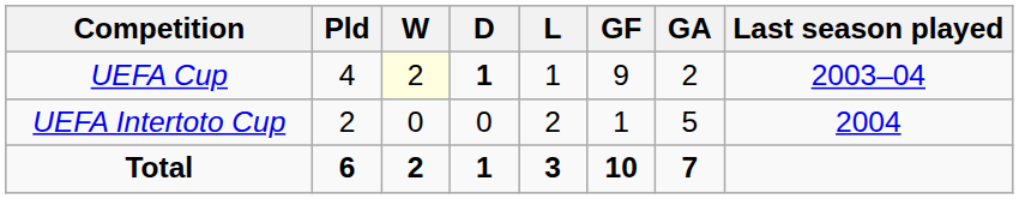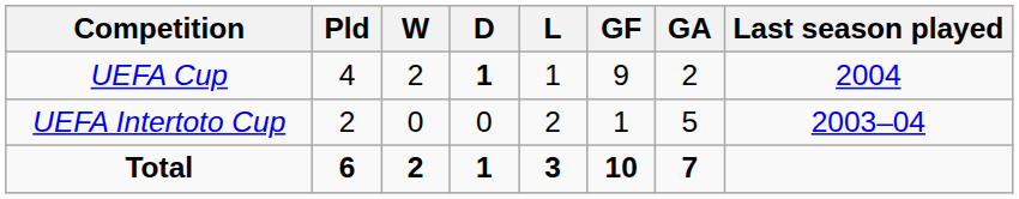 <table class="wikitable" style="text-align: center;">
 <tr>
 <th width="160">Competition</th>
 <th width="30">Pld</th>
 <th width="30">W</th>
 <th width="30">D</th>
 <th width="30">L</th>
 <th width="30">GF</th>
 <th width="30">GA</th>
 <th width="150">Last season played</th>
 </tr>
 <tr>
 <td><a href='#'><em>UEFA Cup</em></a></td>
 <td>4</td>
-<td style="background: lightyellow;">2</td>
+<td>2</td>
 <td><strong>1</strong></td>
 <td>1</td>
 <td>9</td>
 <td>2</td>
-<td><a href='#'>2003–04</a></td>
+<td><a href='#'>2004</a></td>
 </tr>
 <tr>
 <td><em><a href='#'>UEFA Intertoto Cup</a></em></td>
 <td>2</td>
 <td>0</td>
 <td>0</td>
 <td>2</td>
 <td>1</td>
 <td>5</td>
-<td><a href='#'>2004</a></td>
+<td><a href='#'>2003–04</a></td>
 </tr>
 <tr>
 <td><strong>Total</strong></td>
 <td><strong>6</strong></td>
 <td><strong>2</strong></td>
 <td><strong>1</strong></td>
 <td><strong>3</strong></td>
 <td><strong>10</strong></td>
 <td><strong>7</strong></td>
 </tr>
 </table>
